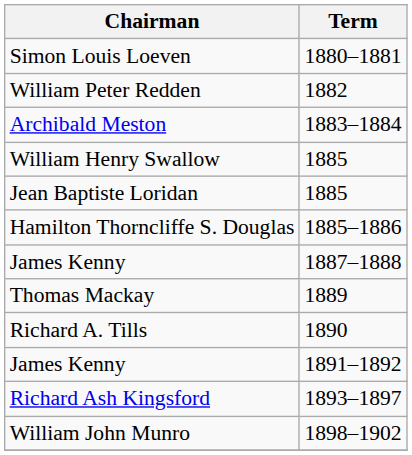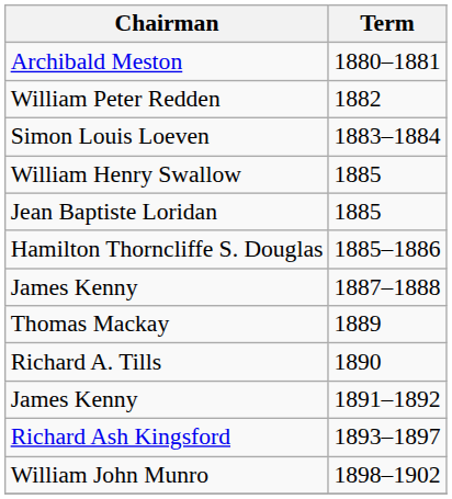 <table class="wikitable">
 <tr>
 <th>Chairman</th>
 <th>Term</th>
 </tr>
 <tr>
-<td>Simon Louis Loeven</td>
+<td><a href='#'>Archibald Meston</a></td>
 <td>1880–1881</td>
 </tr>
 <tr>
 <td>William Peter Redden</td>
 <td>1882</td>
 </tr>
 <tr>
-<td><a href='#'>Archibald Meston</a></td>
+<td>Simon Louis Loeven</td>
 <td>1883–1884</td>
 </tr>
 <tr>
 <td>William Henry Swallow</td>
 <td>1885</td>
 </tr>
 <tr>
 <td>Jean Baptiste Loridan</td>
 <td>1885</td>
 </tr>
 <tr>
 <td>Hamilton Thorncliffe S. Douglas</td>
 <td>1885–1886</td>
 </tr>
 <tr>
 <td>James Kenny</td>
 <td>1887–1888</td>
 </tr>
 <tr>
 <td>Thomas Mackay</td>
 <td>1889</td>
 </tr>
 <tr>
 <td>Richard A. Tills</td>
 <td>1890</td>
 </tr>
 <tr>
 <td>James Kenny</td>
 <td>1891–1892</td>
 </tr>
 <tr>
 <td><a href='#'>Richard Ash Kingsford</a></td>
 <td>1893–1897</td>
 </tr>
 <tr>
 <td>William John Munro</td>
 <td>1898–1902</td>
 </tr>
 <tr>
 </tr>
 </table>
